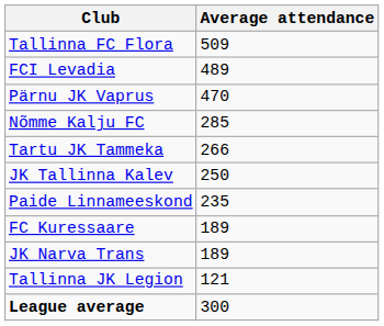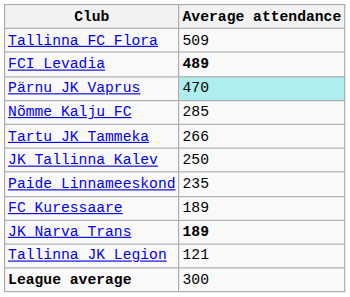 <table class="wikitable sortable">
 <tr>
 <th>Club</th>
 <th>Average attendance</th>
 </tr>
 <tr>
 <td><a href='#'>Tallinna FC Flora</a></td>
 <td>509</td>
 </tr>
 <tr>
 <td><a href='#'>FCI Levadia</a></td>
-<td>489</td>
+<td><strong>489</strong></td>
 </tr>
 <tr>
 <td><a href='#'>Pärnu JK Vaprus</a></td>
-<td>470</td>
+<td style="background: paleturquoise;">470</td>
 </tr>
 <tr>
 <td><a href='#'>Nõmme Kalju FC</a></td>
 <td>285</td>
 </tr>
 <tr>
 <td><a href='#'>Tartu JK Tammeka</a></td>
 <td>266</td>
 </tr>
 <tr>
 <td><a href='#'>JK Tallinna Kalev</a></td>
 <td>250</td>
 </tr>
 <tr>
 <td><a href='#'>Paide Linnameeskond</a></td>
 <td>235</td>
 </tr>
 <tr>
 <td><a href='#'>FC Kuressaare</a></td>
 <td>189</td>
 </tr>
 <tr>
 <td><a href='#'>JK Narva Trans</a></td>
-<td>189</td>
+<td><strong>189</strong></td>
 </tr>
 <tr>
 <td><a href='#'>Tallinna JK Legion</a></td>
 <td>121</td>
 </tr>
 <tr>
 <td><strong>League average</strong></td>
 <td>300</td>
 </tr>
 </table>
